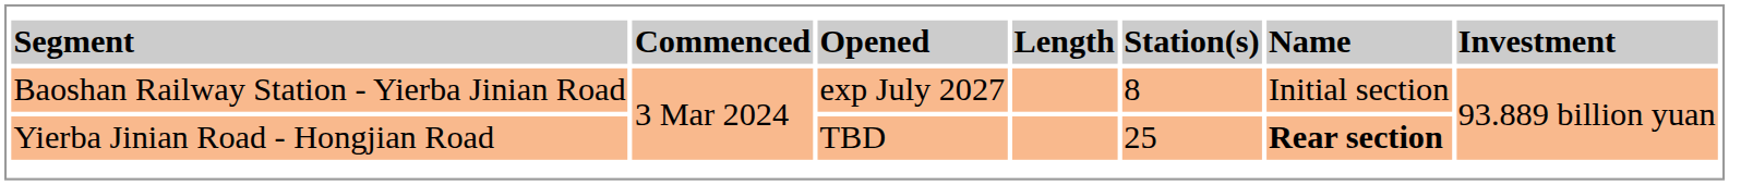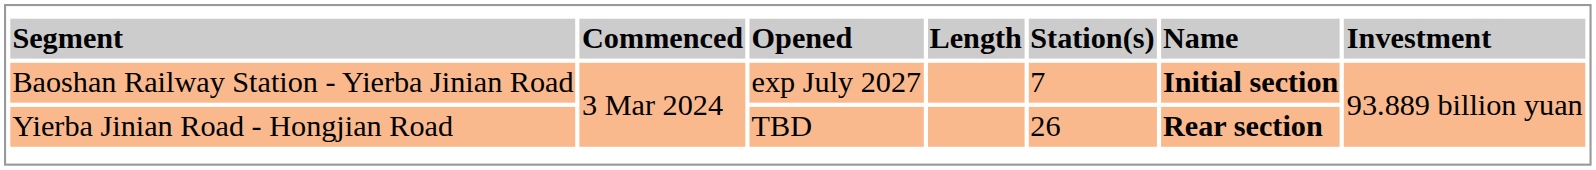 <table border=0 style="border:1px solid #999;background-color:white;text-align:left;font-size:90%" class="mw-collapsible">
 <tr>
 <th colspan="7" style="text-align: center"></th>
 </tr>
 <tr bgcolor=#cccccc>
 <th>Segment</th>
 <th>Commenced</th>
 <th>Opened</th>
 <th>Length</th>
 <th>Station(s)</th>
 <th>Name</th>
 <th>Investment</th>
 </tr>
 <tr bgcolor=#f9b98d>
 <td style="text-align: left;">Baoshan Railway Station - Yierba Jinian Road</td>
 <td rowspan=2>3 Mar 2024</td>
 <td>exp July 2027</td>
 <td></td>
-<td>8</td>
-<td style="text-align: left;">Initial section</td>
+<td>7</td>
+<td style="text-align: left;"><strong>Initial section</strong></td>
 <td rowspan=2>93.889 billion yuan</td>
 </tr>
 <tr bgcolor=#f9b98d>
 <td style="text-align: left;">Yierba Jinian Road - Hongjian Road</td>
 <td>TBD</td>
 <td></td>
-<td>25</td>
+<td>26</td>
 <td style="text-align: left;"><strong>Rear section</strong></td>
 </tr>
 <tr>
 </tr>
 <tr style="background:#">
 <td colspan = "7"></td>
 </tr>
 </table>
